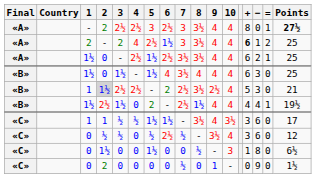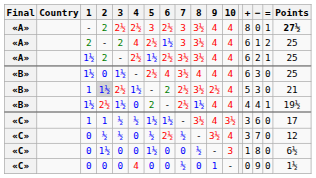 <table class="wikitable" style="text-align:center">
 <tr>
 <th>Final</th>
 <th>Country</th>
 <th>1</th>
 <th>2</th>
 <th>3</th>
 <th>4</th>
 <th>5</th>
 <th>6</th>
 <th>7</th>
 <th>8</th>
 <th>9</th>
 <th>10</th>
 <th></th>
 <th>+</th>
 <th>−</th>
 <th>=</th>
 <th>Points</th>
 </tr>
 <tr>
 <th>«A»</th>
 <td style="text-align: left"></td>
 <td>-</td>
 <td style="color:green;">2</td>
 <td style="color:red;">2½</td>
 <td style="color:red;">2½</td>
 <td style="color:red;">3</td>
 <td style="color:red;">2½</td>
 <td style="color:red;">3</td>
 <td style="color:red;">3½</td>
 <td style="color:red;">4</td>
 <td style="color:red;">4</td>
 <th></th>
 <td>8</td>
 <td>0</td>
 <td>1</td>
 <td><strong>27½ </strong></td>
 </tr>
 <tr>
 <th>«A»</th>
 <td style="text-align: left"></td>
 <td style="color:green;">2</td>
 <td>-</td>
 <td style="color:green;">2</td>
 <td style="color:red;">4</td>
 <td style="color:red;">2½</td>
 <td style="color:blue;">1½</td>
 <td style="color:red;">3</td>
 <td style="color:red;">3½</td>
 <td style="color:red;">4</td>
 <td style="color:red;">4</td>
 <th></th>
-<td><strong>6</strong></td>
+<td>6</td>
 <td>1</td>
 <td>2</td>
 <td>25</td>
 </tr>
 <tr>
 <th>«A»</th>
 <td style="text-align: left"></td>
 <td style="color:blue;">1½</td>
-<td style="color:blue;">0</td>
+<td style="color:green;">2</td>
 <td>-</td>
 <td style="color:red;">2½</td>
 <td style="color:blue;">1½</td>
 <td style="color:red;">2½</td>
 <td style="color:red;">3½</td>
 <td style="color:red;">3½</td>
 <td style="color:red;">4</td>
 <td style="color:red;">4</td>
 <th></th>
 <td>6</td>
 <td>2</td>
 <td>1</td>
 <td>25</td>
 </tr>
 <tr style="border-top:2px solid grey;">
 <th>«B»</th>
 <td style="text-align: left"></td>
 <td style="color:blue;">1½</td>
 <td style="color:blue;">0</td>
 <td style="color:blue;">1½</td>
 <td>-</td>
-<td style="color:blue;">1½</td>
+<td style="color:red;">2½</td>
 <td style="color:red;">4</td>
 <td style="color:red;">3½</td>
 <td style="color:red;">4</td>
 <td style="color:red;">4</td>
 <td style="color:red;">4</td>
 <th></th>
 <td>6</td>
 <td>3</td>
 <td>0</td>
 <td>25</td>
 </tr>
 <tr>
 <th>«B»</th>
 <td style="text-align: left"></td>
 <td style="color:blue;">1</td>
 <td style="background: lightgrey; color:blue;">1½</td>
 <td style="color:red;">2½</td>
-<td style="color:red;">2½</td>
+<td style="color:blue;">1½</td>
 <td>-</td>
 <td style="color:green;">2</td>
 <td style="color:red;">2½</td>
 <td style="color:red;">3½</td>
 <td style="color:red;">2½</td>
 <td style="color:red;">4</td>
 <th></th>
 <td>5</td>
 <td>3</td>
 <td>0</td>
 <td>21</td>
 </tr>
 <tr>
 <th>«B»</th>
 <td style="text-align: left"></td>
 <td style="color:blue;">1½</td>
 <td style="color:red;">2½</td>
 <td style="color:blue;">1½</td>
 <td style="color:blue;">0</td>
 <td style="color:green;">2</td>
 <td>-</td>
 <td style="color:red;">2½</td>
 <td style="color:blue;">1½</td>
 <td style="color:red;">4</td>
 <td style="color:red;">4</td>
 <th></th>
 <td>4</td>
 <td>4</td>
 <td>1</td>
 <td>19½</td>
 </tr>
 <tr style="border-top:2px solid grey;">
 <th>«C»</th>
 <td style="text-align: left"></td>
 <td style="color:blue;">1</td>
 <td style="color:blue;">1</td>
 <td style="color:blue;">½</td>
 <td style="color:blue;">½</td>
 <td style="color:blue;">1½</td>
 <td style="color:blue;">1½</td>
 <td>-</td>
 <td style="color:red;">3½</td>
 <td style="color:red;">4</td>
 <td style="color:red;">3½</td>
 <th></th>
 <td>3</td>
 <td>6</td>
 <td>0</td>
 <td>17</td>
 </tr>
 <tr>
 <th>«C»</th>
 <td style="text-align: left"></td>
 <td style="color:blue;">0</td>
 <td style="color:blue;">½</td>
 <td style="color:blue;">½</td>
 <td style="color:blue;">0</td>
 <td style="color:blue;">½</td>
 <td style="color:red;">2½</td>
 <td style="color:blue;">½</td>
 <td>-</td>
 <td style="color:red;">3½</td>
 <td style="color:red;">4</td>
 <th></th>
 <td>3</td>
-<td>6</td>
+<td>7</td>
 <td>0</td>
 <td>12</td>
 </tr>
 <tr>
 <th>«C»</th>
 <td style="text-align: left"></td>
 <td style="color:blue;">0</td>
 <td style="color:blue;">1½</td>
 <td style="color:blue;">0</td>
 <td style="color:blue;">0</td>
 <td style="color:blue;">1½</td>
 <td style="color:blue;">0</td>
 <td style="color:blue;">0</td>
 <td style="color:blue;">½</td>
 <td>-</td>
 <td style="color:red;">3</td>
 <th></th>
 <td>1</td>
 <td>8</td>
 <td>0</td>
 <td>6½</td>
 </tr>
 <tr>
 <th>«C»</th>
 <td style="text-align: left"></td>
 <td style="color:blue;">0</td>
-<td style="color:green;">2</td>
 <td style="color:blue;">0</td>
 <td style="color:blue;">0</td>
+<td style="color:red;">4</td>
 <td style="color:blue;">0</td>
 <td style="color:blue;">0</td>
 <td style="color:blue;">½</td>
 <td style="color:blue;">0</td>
 <td style="color:blue;">1</td>
 <td>-</td>
 <th></th>
 <td>0</td>
 <td>9</td>
 <td>0</td>
 <td>1½</td>
 </tr>
 </table>
